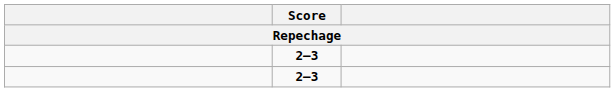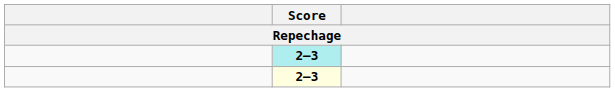 <table class="wikitable" style="text-align: left;">
 <tr>
 <th align="right" width="270"></th>
 <th width="65">Score</th>
 <th align="left" width="270"></th>
 </tr>
 <tr>
 <th colspan="3">Repechage</th>
 </tr>
 <tr>
 <td></td>
-<td align=center><strong>2–3</strong></td>
+<td align=center style="background: paleturquoise;"><strong>2–3</strong></td>
 <td><strong></strong></td>
 </tr>
 <tr>
 <td></td>
-<td align=center><strong>2–3</strong></td>
+<td align=center style="background: lightyellow;"><strong>2–3</strong></td>
 <td><strong></strong></td>
 </tr>
 </table>
